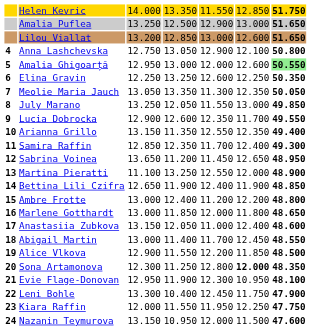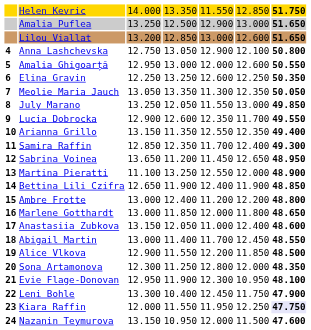 <table>
 <tr style="background:#FFD700;">
 <td></td>
 <td align="left"> <a href='#'>Helen Kevric</a></td>
 <td>14.000</td>
 <td>13.350</td>
 <td>11.550</td>
 <td>12.850</td>
 <td><strong>51.750</strong></td>
 </tr>
 <tr style="background:#CCCCCC;">
 <td></td>
 <td align="left"> <a href='#'>Amalia Puflea</a></td>
 <td>13.250</td>
 <td>12.500</td>
 <td>12.900</td>
 <td>13.000</td>
 <td><strong>51.650</strong></td>
 </tr>
 <tr style="background:#CC9966;">
 <td></td>
 <td align="left"> <a href='#'>Lilou Viallat</a></td>
 <td>13.200</td>
 <td>12.850</td>
 <td>13.000</td>
 <td>12.600</td>
 <td><strong>51.650</strong></td>
 </tr>
 <tr>
 <td><strong>4</strong></td>
 <td align="left"> <a href='#'>Anna Lashchevska</a></td>
 <td>12.750</td>
 <td>13.050</td>
 <td>12.900</td>
 <td>12.100</td>
 <td><strong>50.800</strong></td>
 </tr>
 <tr>
 <td><strong>5</strong></td>
 <td align="left"> <a href='#'>Amalia Ghigoarță</a></td>
 <td>12.950</td>
 <td>13.000</td>
 <td>12.000</td>
 <td>12.600</td>
-<td style="background: lightgreen;"><strong>50.550</strong></td>
+<td><strong>50.550</strong></td>
 </tr>
 <tr>
 <td><strong>6</strong></td>
 <td align="left"> <a href='#'>Elina Gravin</a></td>
 <td>12.250</td>
 <td>13.250</td>
 <td>12.600</td>
 <td>12.250</td>
 <td><strong>50.350</strong></td>
 </tr>
 <tr>
 <td><strong>7</strong></td>
 <td align="left"> <a href='#'>Meolie Maria Jauch</a></td>
 <td>13.050</td>
 <td>13.350</td>
 <td>11.300</td>
 <td>12.350</td>
 <td><strong>50.050</strong></td>
 </tr>
 <tr>
 <td><strong>8</strong></td>
 <td align="left"> <a href='#'>July Marano</a></td>
 <td>13.250</td>
 <td>12.050</td>
 <td>11.550</td>
 <td>13.000</td>
 <td><strong>49.850</strong></td>
 </tr>
 <tr>
 <td><strong>9</strong></td>
 <td align="left"> <a href='#'>Lucia Dobrocka</a></td>
 <td>12.900</td>
 <td>12.600</td>
 <td>12.350</td>
 <td>11.700</td>
 <td><strong>49.550</strong></td>
 </tr>
 <tr>
 <td><strong>10</strong></td>
 <td align="left"> <a href='#'>Arianna Grillo</a></td>
 <td>13.150</td>
 <td>11.350</td>
 <td>12.550</td>
 <td>12.350</td>
 <td><strong>49.400</strong></td>
 </tr>
 <tr>
 <td><strong>11</strong></td>
 <td align="left"> <a href='#'>Samira Raffin</a></td>
 <td>12.850</td>
 <td>12.350</td>
 <td>11.700</td>
 <td>12.400</td>
 <td><strong>49.300</strong></td>
 </tr>
 <tr>
 <td><strong>12</strong></td>
 <td align="left"> <a href='#'>Sabrina Voinea</a></td>
 <td>13.650</td>
 <td>11.200</td>
 <td>11.450</td>
 <td>12.650</td>
 <td><strong>48.950</strong></td>
 </tr>
 <tr>
 <td><strong>13</strong></td>
 <td align="left"> <a href='#'>Martina Pieratti</a></td>
 <td>11.100</td>
 <td>13.250</td>
 <td>12.550</td>
 <td>12.000</td>
 <td><strong>48.900</strong></td>
 </tr>
 <tr>
 <td><strong>14</strong></td>
 <td align="left"> <a href='#'>Bettina Lili Czifra</a></td>
 <td>12.650</td>
 <td>11.900</td>
 <td>12.400</td>
 <td>11.900</td>
 <td><strong>48.850</strong></td>
 </tr>
 <tr>
 <td><strong>15</strong></td>
 <td align="left"> <a href='#'>Ambre Frotte</a></td>
 <td>13.000</td>
 <td>12.400</td>
 <td>11.200</td>
 <td>12.200</td>
 <td><strong>48.800</strong></td>
 </tr>
 <tr>
 <td><strong>16</strong></td>
 <td align="left"> <a href='#'>Marlene Gotthardt</a></td>
 <td>13.000</td>
 <td>11.850</td>
 <td>12.000</td>
 <td>11.800</td>
 <td><strong>48.650</strong></td>
 </tr>
 <tr>
 <td><strong>17</strong></td>
 <td align="left"> <a href='#'>Anastasiia Zubkova</a></td>
 <td>13.150</td>
 <td>12.050</td>
 <td>11.000</td>
 <td>12.400</td>
 <td><strong>48.600</strong></td>
 </tr>
 <tr>
 <td><strong>18</strong></td>
 <td align="left"> <a href='#'>Abigail Martin</a></td>
 <td>13.000</td>
 <td>11.400</td>
 <td>11.700</td>
 <td>12.450</td>
 <td><strong>48.550</strong></td>
 </tr>
 <tr>
 <td><strong>19</strong></td>
 <td align="left"> <a href='#'>Alice Vlkova</a></td>
 <td>12.900</td>
 <td>11.550</td>
 <td>12.200</td>
 <td>11.850</td>
 <td><strong>48.500</strong></td>
 </tr>
 <tr>
 <td><strong>20</strong></td>
 <td align="left"> <a href='#'>Sona Artamonova</a></td>
 <td>12.300</td>
 <td>11.250</td>
 <td>12.800</td>
-<td><strong>12.000</strong></td>
+<td>12.000</td>
 <td><strong>48.350</strong></td>
 </tr>
 <tr>
 <td><strong>21</strong></td>
 <td align="left"> <a href='#'>Evie Flage-Donovan</a></td>
 <td>12.950</td>
 <td>11.900</td>
 <td>12.300</td>
 <td>10.950</td>
 <td><strong>48.100</strong></td>
 </tr>
 <tr>
 <td><strong>22</strong></td>
 <td align="left"> <a href='#'>Leni Bohle</a></td>
 <td>13.300</td>
 <td>10.400</td>
 <td>12.450</td>
 <td>11.750</td>
 <td><strong>47.900</strong></td>
 </tr>
 <tr>
 <td><strong>23</strong></td>
 <td align="left"> <a href='#'>Kiara Raffin</a></td>
 <td>12.000</td>
 <td>11.550</td>
 <td>11.950</td>
 <td>12.250</td>
-<td><strong>47.750</strong></td>
+<td style="background: lavender;"><strong>47.750</strong></td>
 </tr>
 <tr>
 <td><strong>24</strong></td>
 <td align="left"> <a href='#'>Nazanin Teymurova</a></td>
 <td>13.150</td>
 <td>10.950</td>
 <td>12.000</td>
 <td>11.500</td>
 <td><strong>47.600</strong></td>
 </tr>
 </table>
